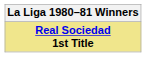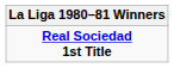 <table class="wikitable" style="text-align: center; margin: 0 auto;">
 <tr>
 <th>La Liga 1980–81 Winners</th>
 </tr>
 <tr>
-<td style="background: khaki;"><strong><a href='#'>Real Sociedad</a></strong><br><strong>1st Title</strong></td>
+<td><strong><a href='#'>Real Sociedad</a></strong><br><strong>1st Title</strong></td>
 </tr>
 </table>
